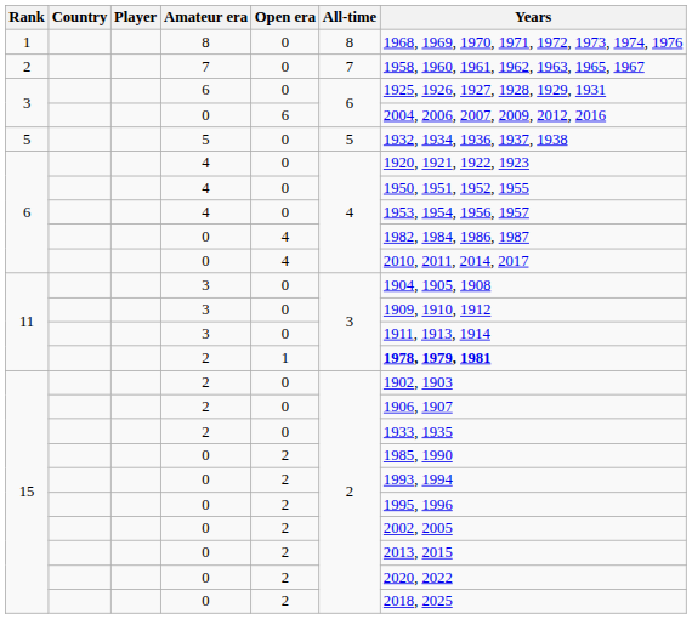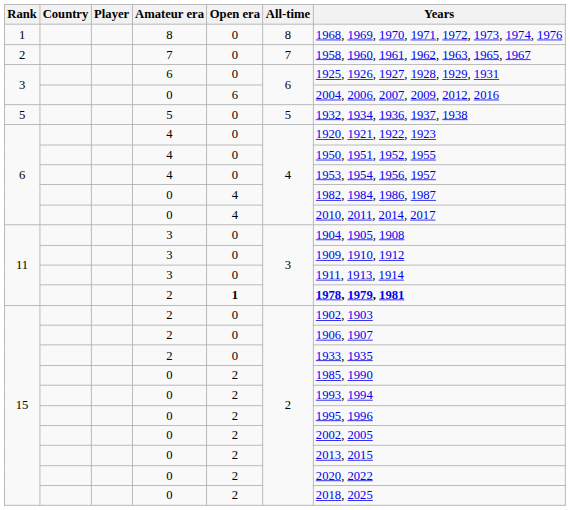 <table class="wikitable sortable">
 <tr>
 <th>Rank</th>
 <th>Country</th>
 <th>Player</th>
 <th>Amateur era</th>
 <th>Open era</th>
 <th>All-time</th>
 <th class="unsortable">Years</th>
 </tr>
 <tr>
 <td align=center>1</td>
 <td></td>
 <td></td>
 <td align=center>8</td>
 <td align=center>0</td>
 <td align=center>8</td>
 <td><a href='#'>1968</a>, <a href='#'>1969</a>, <a href='#'>1970</a>, <a href='#'>1971</a>, <a href='#'>1972</a>, <a href='#'>1973</a>, <a href='#'>1974</a>, <a href='#'>1976</a></td>
 </tr>
 <tr>
 <td align=center>2</td>
 <td></td>
 <td></td>
 <td align=center>7</td>
 <td align=center>0</td>
 <td align=center>7</td>
 <td><a href='#'>1958</a>, <a href='#'>1960</a>, <a href='#'>1961</a>, <a href='#'>1962</a>, <a href='#'>1963</a>, <a href='#'>1965</a>, <a href='#'>1967</a></td>
 </tr>
 <tr>
 <td rowspan=2 align=center>3</td>
 <td></td>
 <td></td>
 <td align=center>6</td>
 <td align=center>0</td>
 <td rowspan=2 align=center>6</td>
 <td><a href='#'>1925</a>, <a href='#'>1926</a>, <a href='#'>1927</a>, <a href='#'>1928</a>, <a href='#'>1929</a>, <a href='#'>1931</a></td>
 </tr>
 <tr>
 <td></td>
 <td></td>
 <td align=center>0</td>
 <td align=center>6</td>
 <td><a href='#'>2004</a>, <a href='#'>2006</a>, <a href='#'>2007</a>, <a href='#'>2009</a>, <a href='#'>2012</a>, <a href='#'>2016</a></td>
 </tr>
 <tr>
 <td align=center>5</td>
 <td></td>
 <td></td>
 <td align=center>5</td>
 <td align=center>0</td>
 <td align=center>5</td>
 <td><a href='#'>1932</a>, <a href='#'>1934</a>, <a href='#'>1936</a>, <a href='#'>1937</a>, <a href='#'>1938</a></td>
 </tr>
 <tr>
 <td rowspan=5 align=center>6</td>
 <td></td>
 <td></td>
 <td align=center>4</td>
 <td align=center>0</td>
 <td rowspan=5 align=center>4</td>
 <td><a href='#'>1920</a>, <a href='#'>1921</a>, <a href='#'>1922</a>, <a href='#'>1923</a></td>
 </tr>
 <tr>
 <td></td>
 <td></td>
 <td align=center>4</td>
 <td align=center>0</td>
 <td><a href='#'>1950</a>, <a href='#'>1951</a>, <a href='#'>1952</a>, <a href='#'>1955</a></td>
 </tr>
 <tr>
 <td></td>
 <td></td>
 <td align=center>4</td>
 <td align=center>0</td>
 <td><a href='#'>1953</a>, <a href='#'>1954</a>, <a href='#'>1956</a>, <a href='#'>1957</a></td>
 </tr>
 <tr>
 <td></td>
 <td></td>
 <td align=center>0</td>
 <td align=center>4</td>
 <td><a href='#'>1982</a>, <a href='#'>1984</a>, <a href='#'>1986</a>, <a href='#'>1987</a></td>
 </tr>
 <tr>
 <td></td>
 <td></td>
 <td align=center>0</td>
 <td align=center>4</td>
 <td><a href='#'>2010</a>, <a href='#'>2011</a>, <a href='#'>2014</a>, <a href='#'>2017</a></td>
 </tr>
 <tr>
 <td rowspan=4 align=center>11</td>
 <td></td>
 <td></td>
 <td align=center>3</td>
 <td align=center>0</td>
 <td rowspan=4 align=center>3</td>
 <td><a href='#'>1904</a>, <a href='#'>1905</a>, <a href='#'>1908</a></td>
 </tr>
 <tr>
 <td></td>
 <td></td>
 <td align=center>3</td>
 <td align=center>0</td>
 <td><a href='#'>1909</a>, <a href='#'>1910</a>, <a href='#'>1912</a></td>
 </tr>
 <tr>
 <td></td>
 <td></td>
 <td align=center>3</td>
 <td align=center>0</td>
 <td><a href='#'>1911</a>, <a href='#'>1913</a>, <a href='#'>1914</a></td>
 </tr>
 <tr>
 <td></td>
 <td></td>
 <td align=center>2</td>
-<td align=center>1</td>
+<td align=center><strong>1</strong></td>
 <td><strong><a href='#'>1978</a>, <a href='#'>1979</a>, <a href='#'>1981</a></strong></td>
 </tr>
 <tr>
 <td rowspan=10 align=center>15</td>
 <td></td>
 <td></td>
 <td align=center>2</td>
 <td align=center>0</td>
 <td rowspan=10 align=center>2</td>
 <td><a href='#'>1902</a>, <a href='#'>1903</a></td>
 </tr>
 <tr>
 <td></td>
 <td></td>
 <td align=center>2</td>
 <td align=center>0</td>
 <td><a href='#'>1906</a>, <a href='#'>1907</a></td>
 </tr>
 <tr>
 <td></td>
 <td></td>
 <td align=center>2</td>
 <td align=center>0</td>
 <td><a href='#'>1933</a>, <a href='#'>1935</a></td>
 </tr>
 <tr>
 <td></td>
 <td></td>
 <td align=center>0</td>
 <td align=center>2</td>
 <td><a href='#'>1985</a>, <a href='#'>1990</a></td>
 </tr>
 <tr>
 <td></td>
 <td></td>
 <td align=center>0</td>
 <td align=center>2</td>
 <td><a href='#'>1993</a>, <a href='#'>1994</a></td>
 </tr>
 <tr>
 <td></td>
 <td></td>
 <td align=center>0</td>
 <td align=center>2</td>
 <td><a href='#'>1995</a>, <a href='#'>1996</a></td>
 </tr>
 <tr>
 <td></td>
 <td></td>
 <td align=center>0</td>
 <td align=center>2</td>
 <td><a href='#'>2002</a>, <a href='#'>2005</a></td>
 </tr>
 <tr>
 <td></td>
 <td></td>
 <td align=center>0</td>
 <td align=center>2</td>
 <td><a href='#'>2013</a>, <a href='#'>2015</a></td>
 </tr>
 <tr>
 <td></td>
 <td><strong></strong></td>
 <td align=center>0</td>
 <td align=center>2</td>
 <td><a href='#'>2020</a>, <a href='#'>2022</a></td>
 </tr>
 <tr>
 <td></td>
 <td><strong></strong></td>
 <td align=center>0</td>
 <td align=center>2</td>
 <td><a href='#'>2018</a>, <a href='#'>2025</a></td>
 </tr>
 </table>
